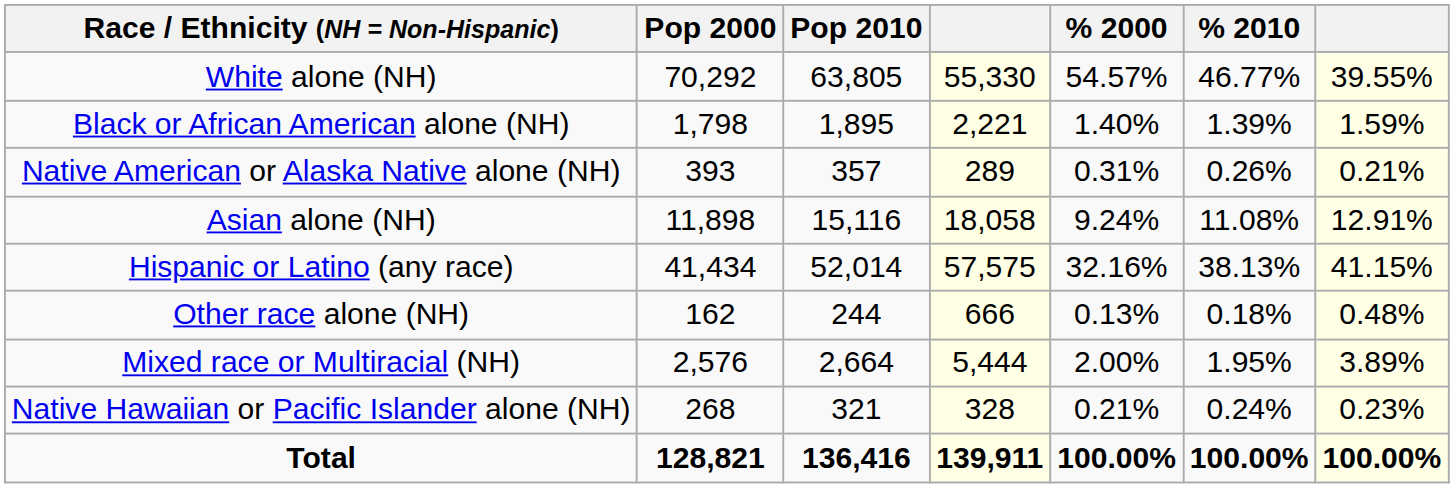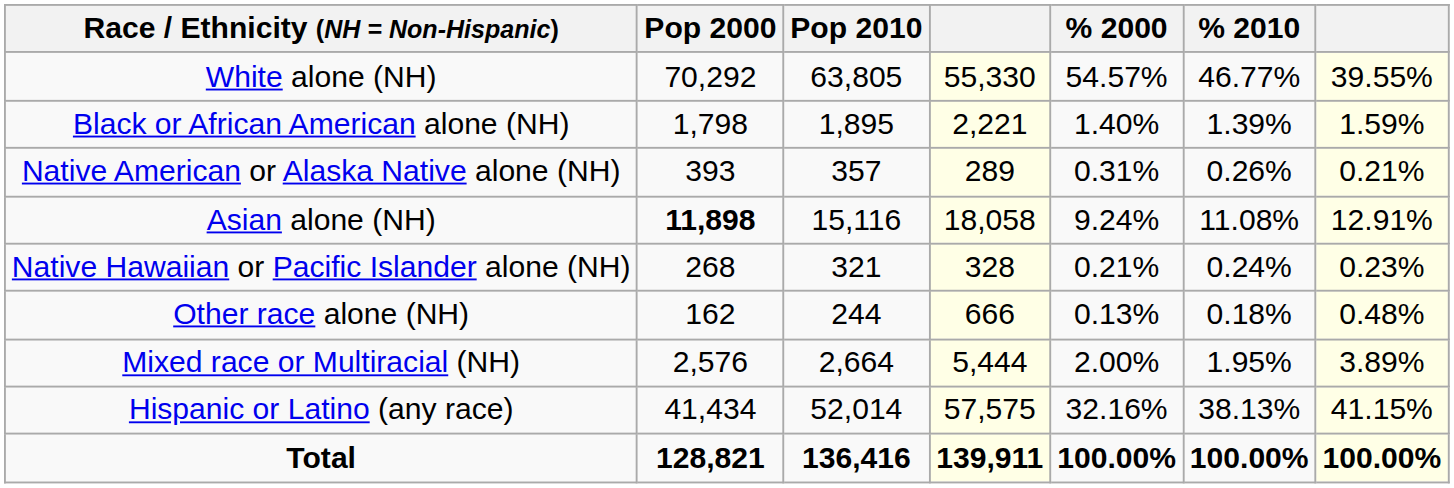 <table class="wikitable" style="text-align:center;">
 <tr>
 <th>Race / Ethnicity <small>(<em>NH = Non-Hispanic</em>)</small></th>
 <th>Pop 2000</th>
 <th>Pop 2010</th>
 <th></th>
 <th>% 2000</th>
 <th>% 2010</th>
 <th></th>
 </tr>
 <tr>
 <td><a href='#'>White</a> alone (NH)</td>
 <td>70,292</td>
 <td>63,805</td>
 <td style='background: #ffffe6;'>55,330</td>
 <td>54.57%</td>
 <td>46.77%</td>
 <td style='background: #ffffe6;'>39.55%</td>
 </tr>
 <tr>
 <td><a href='#'>Black or African American</a> alone (NH)</td>
 <td>1,798</td>
 <td>1,895</td>
 <td style='background: #ffffe6;'>2,221</td>
 <td>1.40%</td>
 <td>1.39%</td>
 <td style='background: #ffffe6;'>1.59%</td>
 </tr>
 <tr>
 <td><a href='#'>Native American</a> or <a href='#'>Alaska Native</a> alone (NH)</td>
 <td>393</td>
 <td>357</td>
 <td style='background: #ffffe6;'>289</td>
 <td>0.31%</td>
 <td>0.26%</td>
 <td style='background: #ffffe6;'>0.21%</td>
 </tr>
 <tr>
 <td><a href='#'>Asian</a> alone (NH)</td>
-<td>11,898</td>
+<td><strong>11,898</strong></td>
 <td>15,116</td>
 <td style='background: #ffffe6;'>18,058</td>
 <td>9.24%</td>
 <td>11.08%</td>
 <td style='background: #ffffe6;'>12.91%</td>
 </tr>
 <tr>
-<td><a href='#'>Hispanic or Latino</a> (any race)</td>
-<td>41,434</td>
-<td>52,014</td>
-<td style='background: #ffffe6;'>57,575</td>
-<td>32.16%</td>
-<td>38.13%</td>
-<td style='background: #ffffe6;'>41.15%</td>
+<td><a href='#'>Native Hawaiian</a> or <a href='#'>Pacific Islander</a> alone (NH)</td>
+<td>268</td>
+<td>321</td>
+<td style='background: #ffffe6;'>328</td>
+<td>0.21%</td>
+<td>0.24%</td>
+<td style='background: #ffffe6;'>0.23%</td>
 </tr>
 <tr>
 <td><a href='#'>Other race</a> alone (NH)</td>
 <td>162</td>
 <td>244</td>
 <td style='background: #ffffe6;'>666</td>
 <td>0.13%</td>
 <td>0.18%</td>
 <td style='background: #ffffe6;'>0.48%</td>
 </tr>
 <tr>
 <td><a href='#'>Mixed race or Multiracial</a> (NH)</td>
 <td>2,576</td>
 <td>2,664</td>
 <td style='background: #ffffe6;'>5,444</td>
 <td>2.00%</td>
 <td>1.95%</td>
 <td style='background: #ffffe6;'>3.89%</td>
 </tr>
 <tr>
-<td><a href='#'>Native Hawaiian</a> or <a href='#'>Pacific Islander</a> alone (NH)</td>
-<td>268</td>
-<td>321</td>
-<td style='background: #ffffe6;'>328</td>
-<td>0.21%</td>
-<td>0.24%</td>
-<td style='background: #ffffe6;'>0.23%</td>
+<td><a href='#'>Hispanic or Latino</a> (any race)</td>
+<td>41,434</td>
+<td>52,014</td>
+<td style='background: #ffffe6;'>57,575</td>
+<td>32.16%</td>
+<td>38.13%</td>
+<td style='background: #ffffe6;'>41.15%</td>
 </tr>
 <tr>
 <td><strong>Total</strong></td>
 <td><strong>128,821</strong></td>
 <td><strong>136,416</strong></td>
 <td style='background: #ffffe6;'><strong>139,911</strong></td>
 <td><strong>100.00%</strong></td>
 <td><strong>100.00%</strong></td>
 <td style='background: #ffffe6;'><strong>100.00%</strong></td>
 </tr>
 </table>
